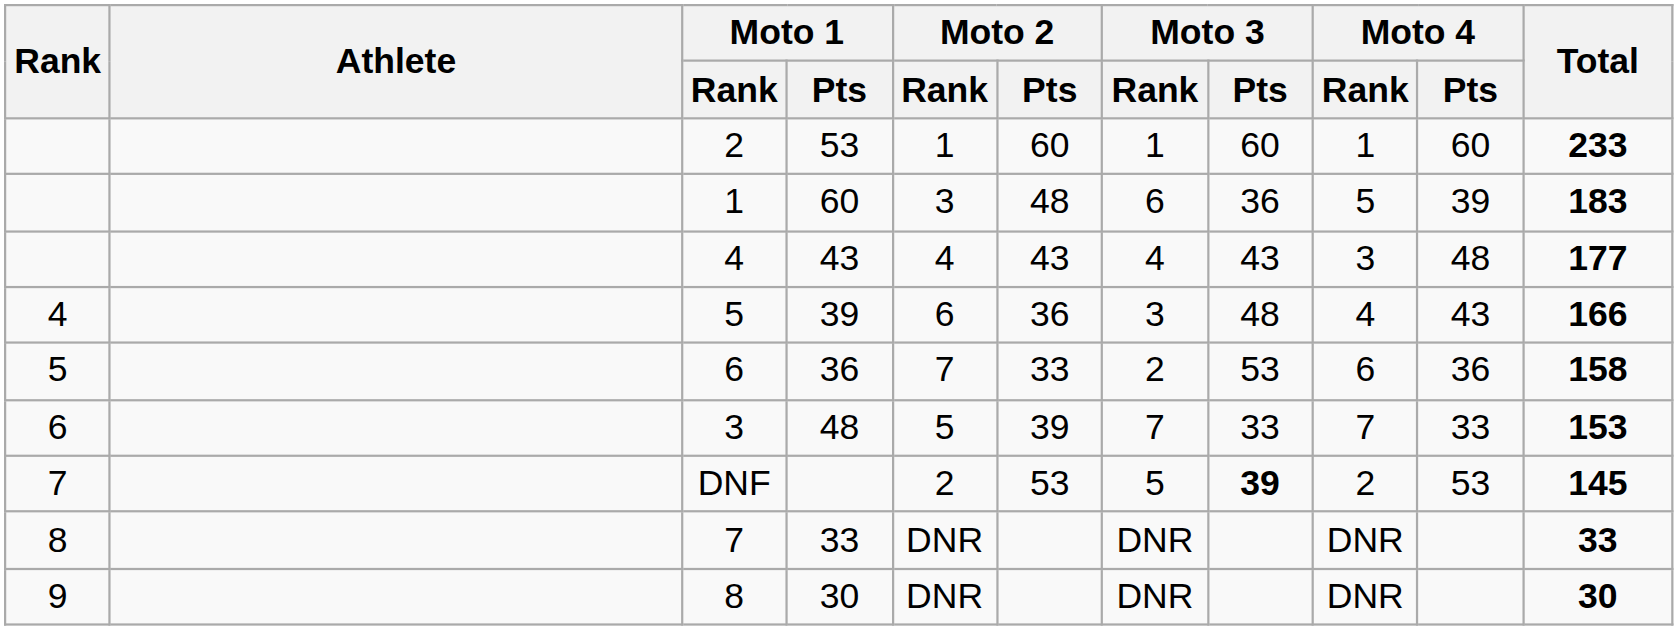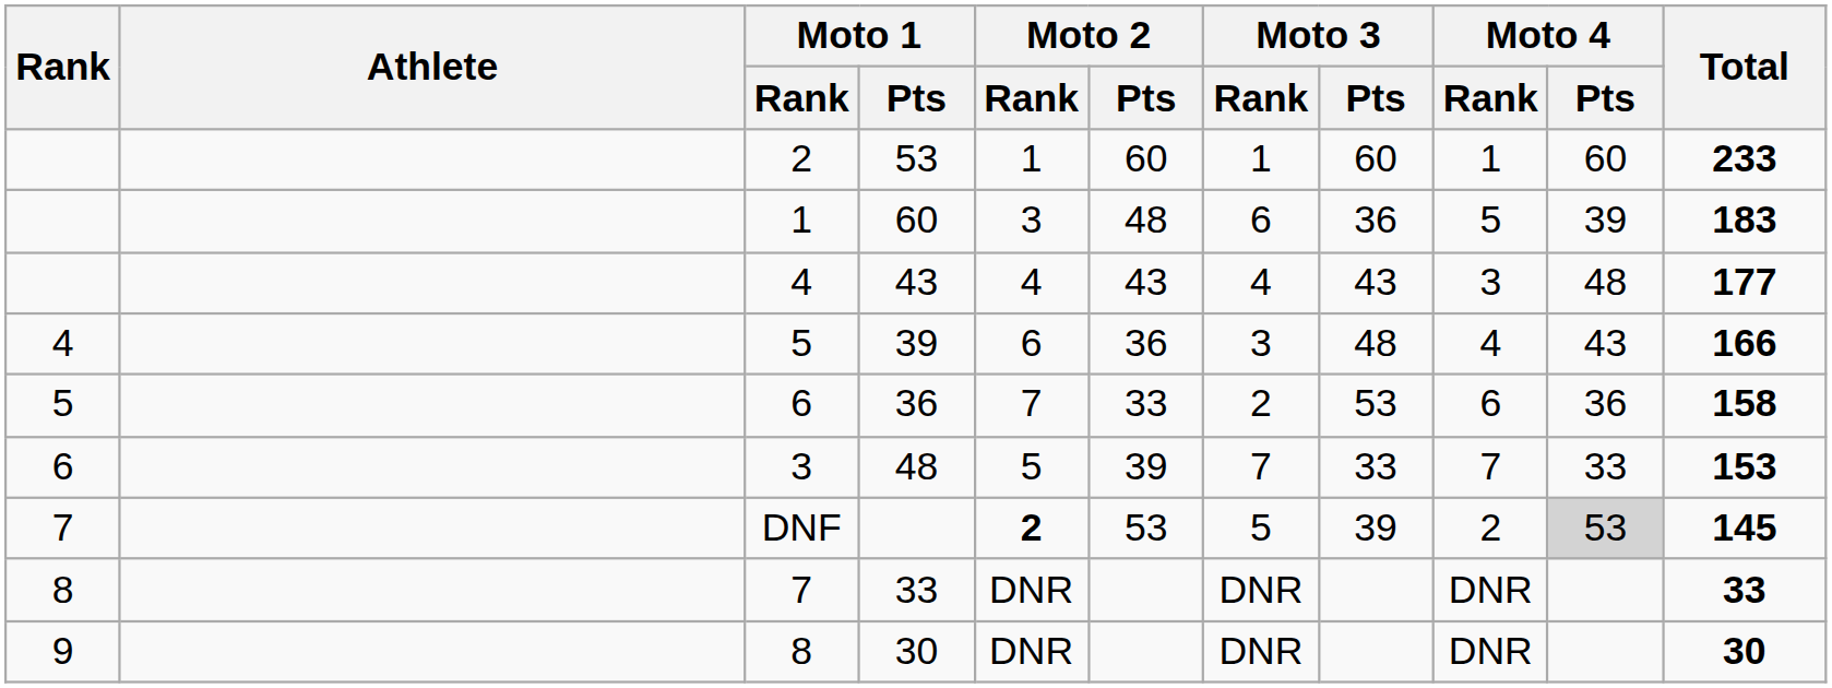 <table class=wikitable style="text-align:center">
 <tr>
 <th width=40 rowspan=2>Rank</th>
 <th width=250 rowspan=2>Athlete</th>
 <th colspan=2>Moto 1</th>
 <th colspan=2>Moto 2</th>
 <th colspan=2>Moto 3</th>
 <th colspan=2>Moto 4</th>
 <th width=60 rowspan=2>Total</th>
 </tr>
 <tr>
 <th width=40>Rank</th>
 <th width=40>Pts</th>
 <th width=40>Rank</th>
 <th width=40>Pts</th>
 <th width=40>Rank</th>
 <th width=40>Pts</th>
 <th width=40>Rank</th>
 <th width=40>Pts</th>
 </tr>
 <tr>
 <td></td>
 <td align=left></td>
 <td>2</td>
 <td>53</td>
 <td>1</td>
 <td>60</td>
 <td>1</td>
 <td>60</td>
 <td>1</td>
 <td>60</td>
 <td><strong>233</strong></td>
 </tr>
 <tr>
 <td></td>
 <td align=left></td>
 <td>1</td>
 <td>60</td>
 <td>3</td>
 <td>48</td>
 <td>6</td>
 <td>36</td>
 <td>5</td>
 <td>39</td>
 <td><strong>183</strong></td>
 </tr>
 <tr>
 <td></td>
 <td align=left></td>
 <td>4</td>
 <td>43</td>
 <td>4</td>
 <td>43</td>
 <td>4</td>
 <td>43</td>
 <td>3</td>
 <td>48</td>
 <td><strong>177</strong></td>
 </tr>
 <tr>
 <td>4</td>
 <td align=left></td>
 <td>5</td>
 <td>39</td>
 <td>6</td>
 <td>36</td>
 <td>3</td>
 <td>48</td>
 <td>4</td>
 <td>43</td>
 <td><strong>166</strong></td>
 </tr>
 <tr>
 <td>5</td>
 <td align=left></td>
 <td>6</td>
 <td>36</td>
 <td>7</td>
 <td>33</td>
 <td>2</td>
 <td>53</td>
 <td>6</td>
 <td>36</td>
 <td><strong>158</strong></td>
 </tr>
 <tr>
 <td>6</td>
 <td align=left></td>
 <td>3</td>
 <td>48</td>
 <td>5</td>
 <td>39</td>
 <td>7</td>
 <td>33</td>
 <td>7</td>
 <td>33</td>
 <td><strong>153</strong></td>
 </tr>
 <tr>
 <td>7</td>
 <td align=left></td>
 <td>DNF</td>
 <td></td>
-<td>2</td>
+<td><strong>2</strong></td>
 <td>53</td>
 <td>5</td>
-<td><strong>39</strong></td>
+<td>39</td>
 <td>2</td>
-<td>53</td>
+<td style="background: lightgrey;">53</td>
 <td><strong>145</strong></td>
 </tr>
 <tr>
 <td>8</td>
 <td align=left></td>
 <td>7</td>
 <td>33</td>
 <td>DNR</td>
 <td></td>
 <td>DNR</td>
 <td></td>
 <td>DNR</td>
 <td></td>
 <td><strong>33</strong></td>
 </tr>
 <tr>
 <td>9</td>
 <td align=left></td>
 <td>8</td>
 <td>30</td>
 <td>DNR</td>
 <td></td>
 <td>DNR</td>
 <td></td>
 <td>DNR</td>
 <td></td>
 <td><strong>30</strong></td>
 </tr>
 </table>
